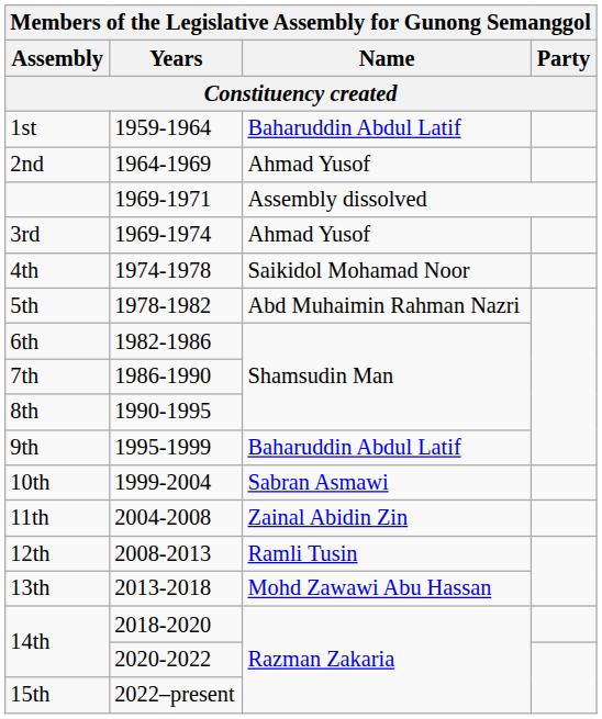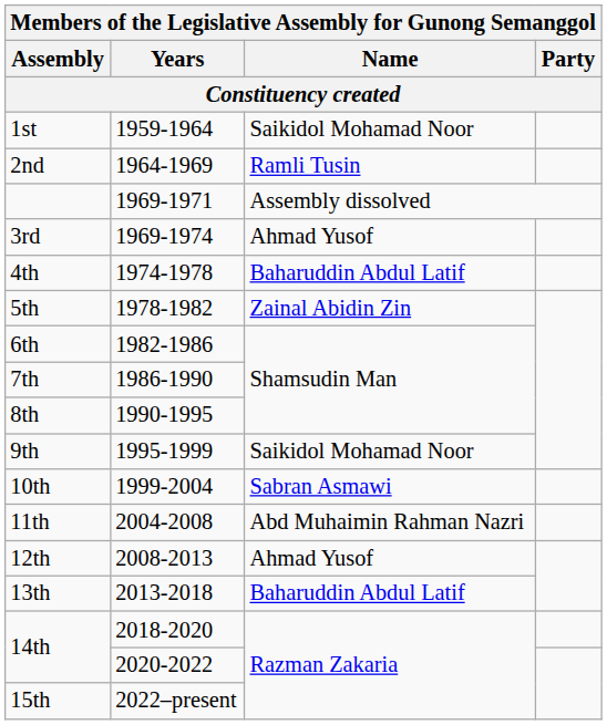 <table class="wikitable">
 <tr>
 <th colspan="4">Members of the Legislative Assembly for Gunong Semanggol</th>
 </tr>
 <tr>
 <th>Assembly</th>
 <th>Years</th>
 <th>Name</th>
 <th>Party</th>
 </tr>
 <tr>
 <th colspan="4"><em>Constituency created</em></th>
 </tr>
 <tr>
 <td>1st</td>
 <td>1959-1964</td>
-<td><a href='#'>Baharuddin Abdul Latif</a></td>
+<td>Saikidol Mohamad Noor</td>
 <td></td>
 </tr>
 <tr>
 <td>2nd</td>
 <td>1964-1969</td>
-<td>Ahmad Yusof</td>
+<td><a href='#'>Ramli Tusin</a></td>
 <td></td>
 </tr>
 <tr>
 <td></td>
 <td>1969-1971</td>
 <td colspan="2">Assembly dissolved</td>
 </tr>
 <tr>
 <td>3rd</td>
 <td>1969-1974</td>
 <td>Ahmad Yusof</td>
 <td></td>
 </tr>
 <tr>
 <td>4th</td>
 <td>1974-1978</td>
-<td>Saikidol Mohamad Noor</td>
+<td><a href='#'>Baharuddin Abdul Latif</a></td>
 <td></td>
 </tr>
 <tr>
 <td>5th</td>
 <td>1978-1982</td>
-<td>Abd Muhaimin Rahman Nazri</td>
+<td><a href='#'>Zainal Abidin Zin</a></td>
 <td rowspan="5"></td>
 </tr>
 <tr>
 <td>6th</td>
 <td>1982-1986</td>
 <td rowspan="3">Shamsudin Man</td>
 </tr>
 <tr>
 <td>7th</td>
 <td>1986-1990</td>
 </tr>
 <tr>
 <td>8th</td>
 <td>1990-1995</td>
 </tr>
 <tr>
 <td>9th</td>
 <td>1995-1999</td>
-<td><a href='#'>Baharuddin Abdul Latif</a></td>
+<td>Saikidol Mohamad Noor</td>
 </tr>
 <tr>
 <td>10th</td>
 <td>1999-2004</td>
 <td><a href='#'>Sabran Asmawi</a></td>
 <td></td>
 </tr>
 <tr>
 <td>11th</td>
 <td>2004-2008</td>
-<td><a href='#'>Zainal Abidin Zin</a></td>
+<td>Abd Muhaimin Rahman Nazri</td>
 <td></td>
 </tr>
 <tr>
 <td>12th</td>
 <td>2008-2013</td>
-<td><a href='#'>Ramli Tusin</a></td>
+<td>Ahmad Yusof</td>
 <td rowspan="2"></td>
 </tr>
 <tr>
 <td>13th</td>
 <td>2013-2018</td>
-<td><a href='#'>Mohd Zawawi Abu Hassan</a></td>
+<td><a href='#'>Baharuddin Abdul Latif</a></td>
 </tr>
 <tr>
 <td rowspan="2">14th</td>
 <td>2018-2020</td>
 <td rowspan="3"><a href='#'>Razman Zakaria</a></td>
 <td></td>
 </tr>
 <tr>
 <td>2020-2022</td>
 <td rowspan="2"></td>
 </tr>
 <tr>
 <td>15th</td>
 <td>2022–present</td>
 </tr>
 </table>
